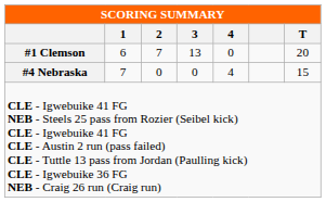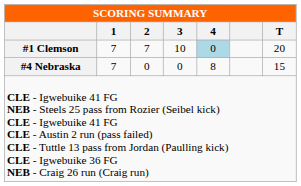 <table class="wikitable" style="text-align:center">
 <tr style="background:#FF6300; color:white">
 <td colspan="7" align="center"><strong>SCORING SUMMARY</strong></td>
 </tr>
 <tr>
 <th width="125"> </th>
 <th width="40">1</th>
 <th width="40">2</th>
 <th width="40">3</th>
 <th width="40">4</th>
 <th width="40"> </th>
 <th width="40">T</th>
 </tr>
 <tr>
 <th>#1 Clemson</th>
-<td>6</td>
 <td>7</td>
-<td>13</td>
-<td>0</td>
+<td>7</td>
+<td>10</td>
+<td style="background: lightblue;">0</td>
 <td></td>
 <td>20</td>
 </tr>
 <tr>
 <th>#4 Nebraska</th>
 <td>7</td>
 <td>0</td>
 <td>0</td>
-<td>4</td>
+<td>8</td>
 <td></td>
 <td>15</td>
 </tr>
 <tr>
 <td colspan="7" align="left"><br><strong>CLE</strong> - Igwebuike 41 FG<br> <strong>NEB</strong> - Steels 25 pass from Rozier (Seibel kick)<br> <strong>CLE</strong> - Igwebuike 41 FG<br> <strong>CLE</strong> - Austin 2 run (pass failed)<br> <strong>CLE</strong> - Tuttle 13 pass from Jordan (Paulling kick)<br> <strong>CLE</strong> - Igwebuike 36 FG<br> <strong>NEB</strong> - Craig 26 run (Craig run)</td>
 </tr>
 </table>
